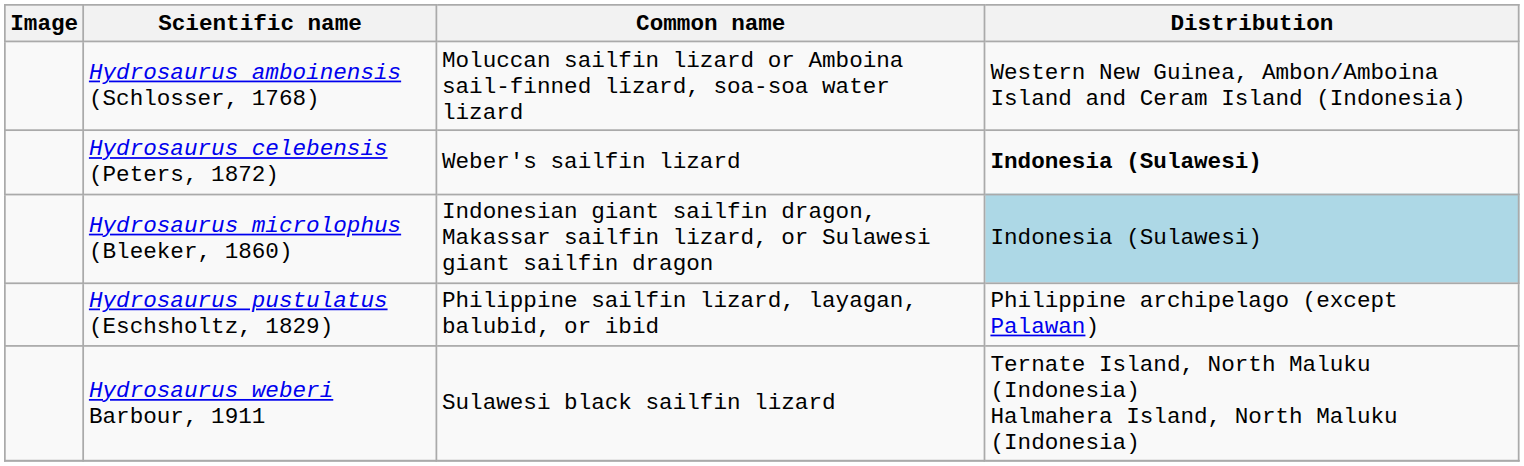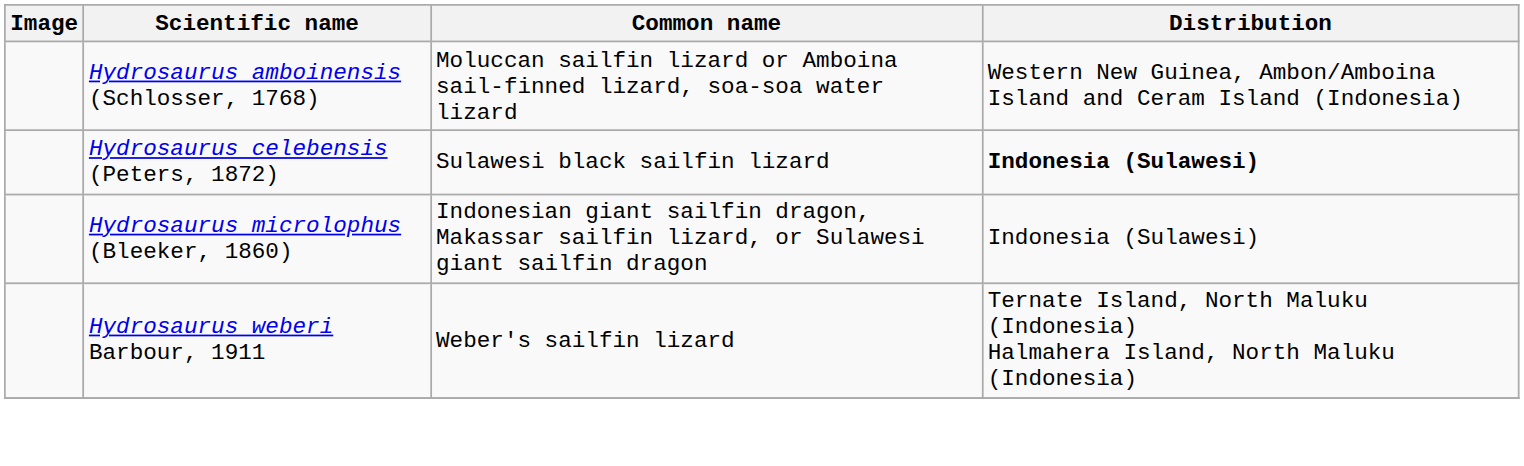 <table class="wikitable">
 <tr>
 <th>Image</th>
 <th>Scientific name</th>
 <th>Common name</th>
 <th>Distribution</th>
 </tr>
 <tr>
 <td></td>
 <td><em><a href='#'>Hydrosaurus amboinensis</a></em> (Schlosser, 1768)</td>
 <td>Moluccan sailfin lizard or Amboina sail-finned lizard, soa-soa water lizard</td>
 <td>Western New Guinea, Ambon/Amboina Island and Ceram Island (Indonesia)</td>
 </tr>
 <tr>
 <td></td>
 <td><em><a href='#'>Hydrosaurus celebensis</a></em> (Peters, 1872)</td>
-<td>Weber's sailfin lizard</td>
+<td>Sulawesi black sailfin lizard</td>
 <td><strong>Indonesia (Sulawesi)</strong></td>
 </tr>
 <tr>
 <td></td>
 <td><em><a href='#'>Hydrosaurus microlophus</a></em> (Bleeker, 1860)</td>
 <td>Indonesian giant sailfin dragon,<br>Makassar sailfin lizard, or Sulawesi giant sailfin dragon</td>
-<td style="background: lightblue;">Indonesia (Sulawesi)</td>
-</tr>
-<tr>
-<td></td>
-<td><em><a href='#'>Hydrosaurus pustulatus</a></em> (Eschsholtz, 1829)</td>
-<td>Philippine sailfin lizard, layagan, balubid, or ibid</td>
-<td>Philippine archipelago (except <a href='#'>Palawan</a>)</td>
+<td>Indonesia (Sulawesi)</td>
 </tr>
 <tr>
 <td></td>
 <td><em><a href='#'>Hydrosaurus weberi</a></em> Barbour, 1911</td>
-<td>Sulawesi black sailfin lizard</td>
+<td>Weber's sailfin lizard</td>
 <td>Ternate Island, North Maluku (Indonesia)<br>Halmahera Island, North Maluku (Indonesia)</td>
 </tr>
 <tr>
 </tr>
 </table>
